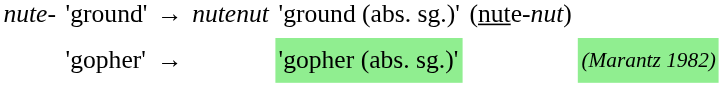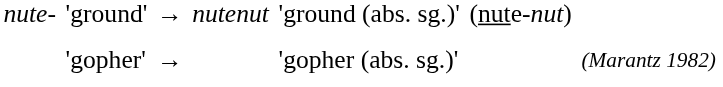 <table style="line-height: 1.4em;" cellpadding="2">
 <tr>
 <td> </td>
 <td> </td>
 <td><em>nute-</em></td>
 <td>'ground'</td>
 <td>→</td>
 <td><em>nutenut</em></td>
 <td>'ground (abs. sg.)'</td>
 <td>(<u>nut</u>e-<em>nut</em>)</td>
 </tr>
 <tr>
 <td> </td>
 <td> </td>
 <td><em></em></td>
 <td>'gopher'</td>
 <td>→</td>
 <td><em></em></td>
-<td style="background: lightgreen;">'gopher (abs. sg.)'</td>
+<td>'gopher (abs. sg.)'</td>
 <td></td>
-<td style="background: lightgreen;"><small><cite>(Marantz 1982)</cite></small></td>
+<td><small><cite>(Marantz 1982)</cite></small></td>
 </tr>
 </table>
